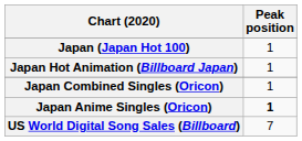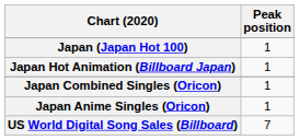 <table class="wikitable sortable plainrowheaders" style="text-align:center">
 <tr>
 <th scope="col">Chart (2020)</th>
 <th scope="col">Peak<br>position</th>
 </tr>
 <tr>
 </tr>
 <tr>
 <th scope="row">Japan (<a href='#'>Japan Hot 100</a>)</th>
 <td>1</td>
 </tr>
 <tr>
 <th scope="row">Japan Hot Animation (<em><a href='#'>Billboard Japan</a></em>)</th>
 <td>1</td>
 </tr>
 <tr>
 </tr>
 <tr>
 <th scope="row">Japan Combined Singles (<a href='#'>Oricon</a>)</th>
 <td>1</td>
 </tr>
 <tr>
 <th scope="row">Japan Anime Singles (<a href='#'>Oricon</a>)</th>
-<td><strong>1</strong></td>
+<td>1</td>
 </tr>
 <tr>
 <th scope="row">US <a href='#'>World Digital Song Sales</a> (<em><a href='#'>Billboard</a></em>)</th>
 <td>7</td>
 </tr>
 </table>
